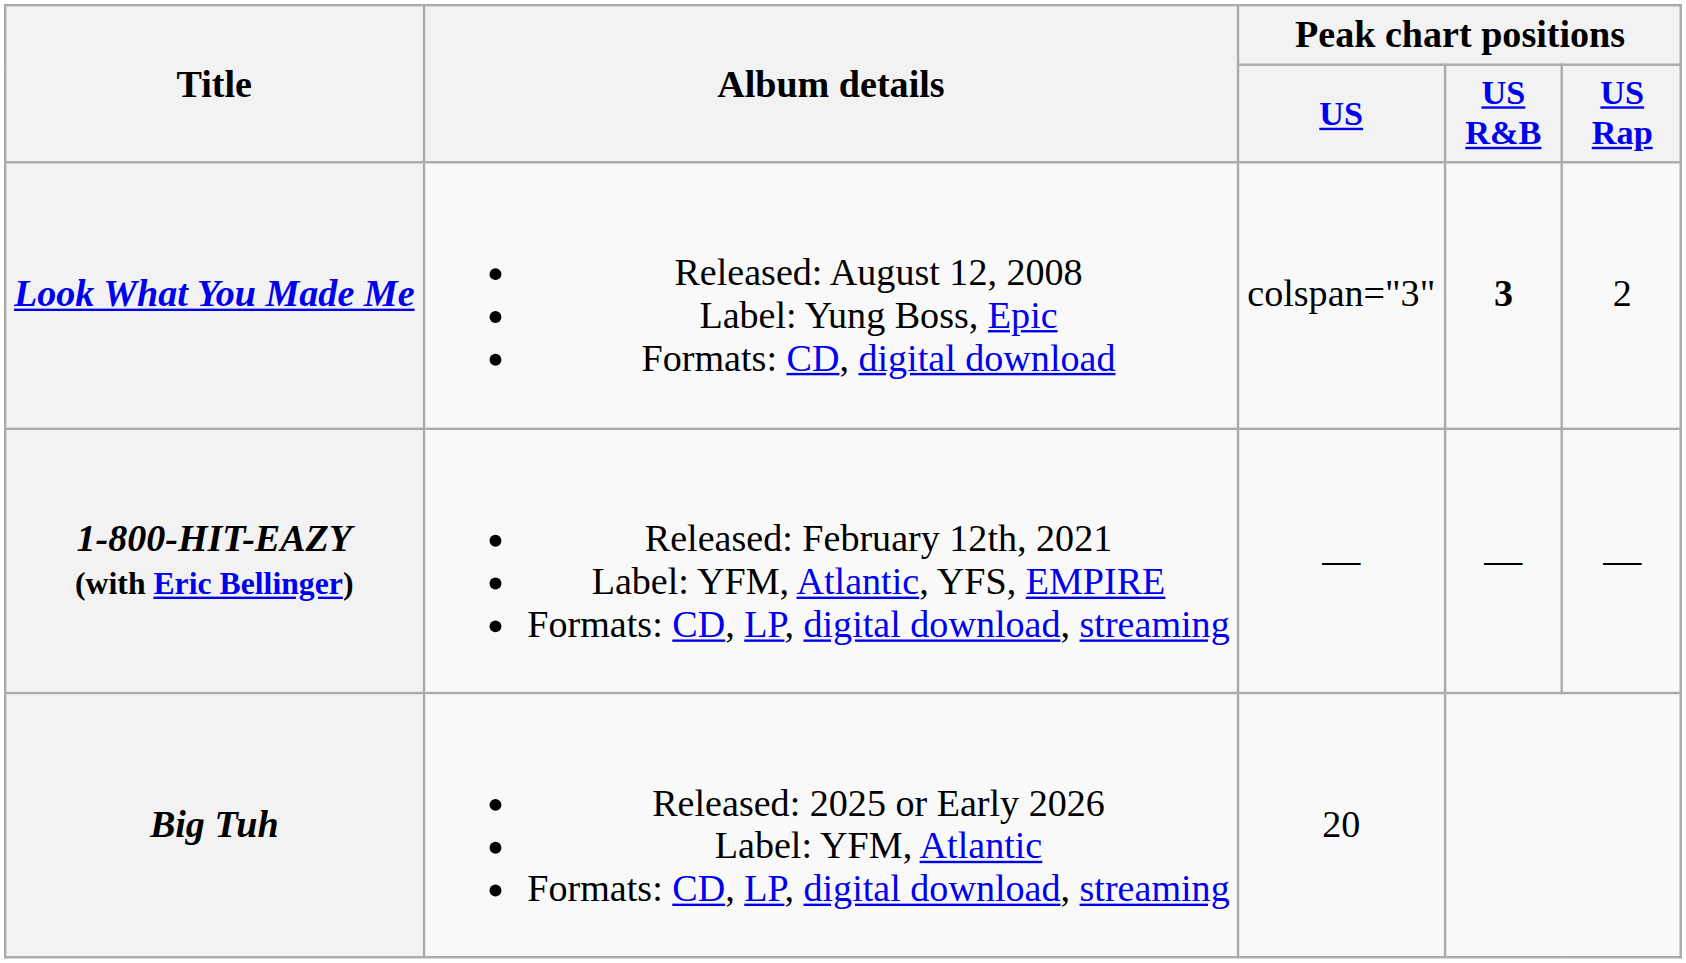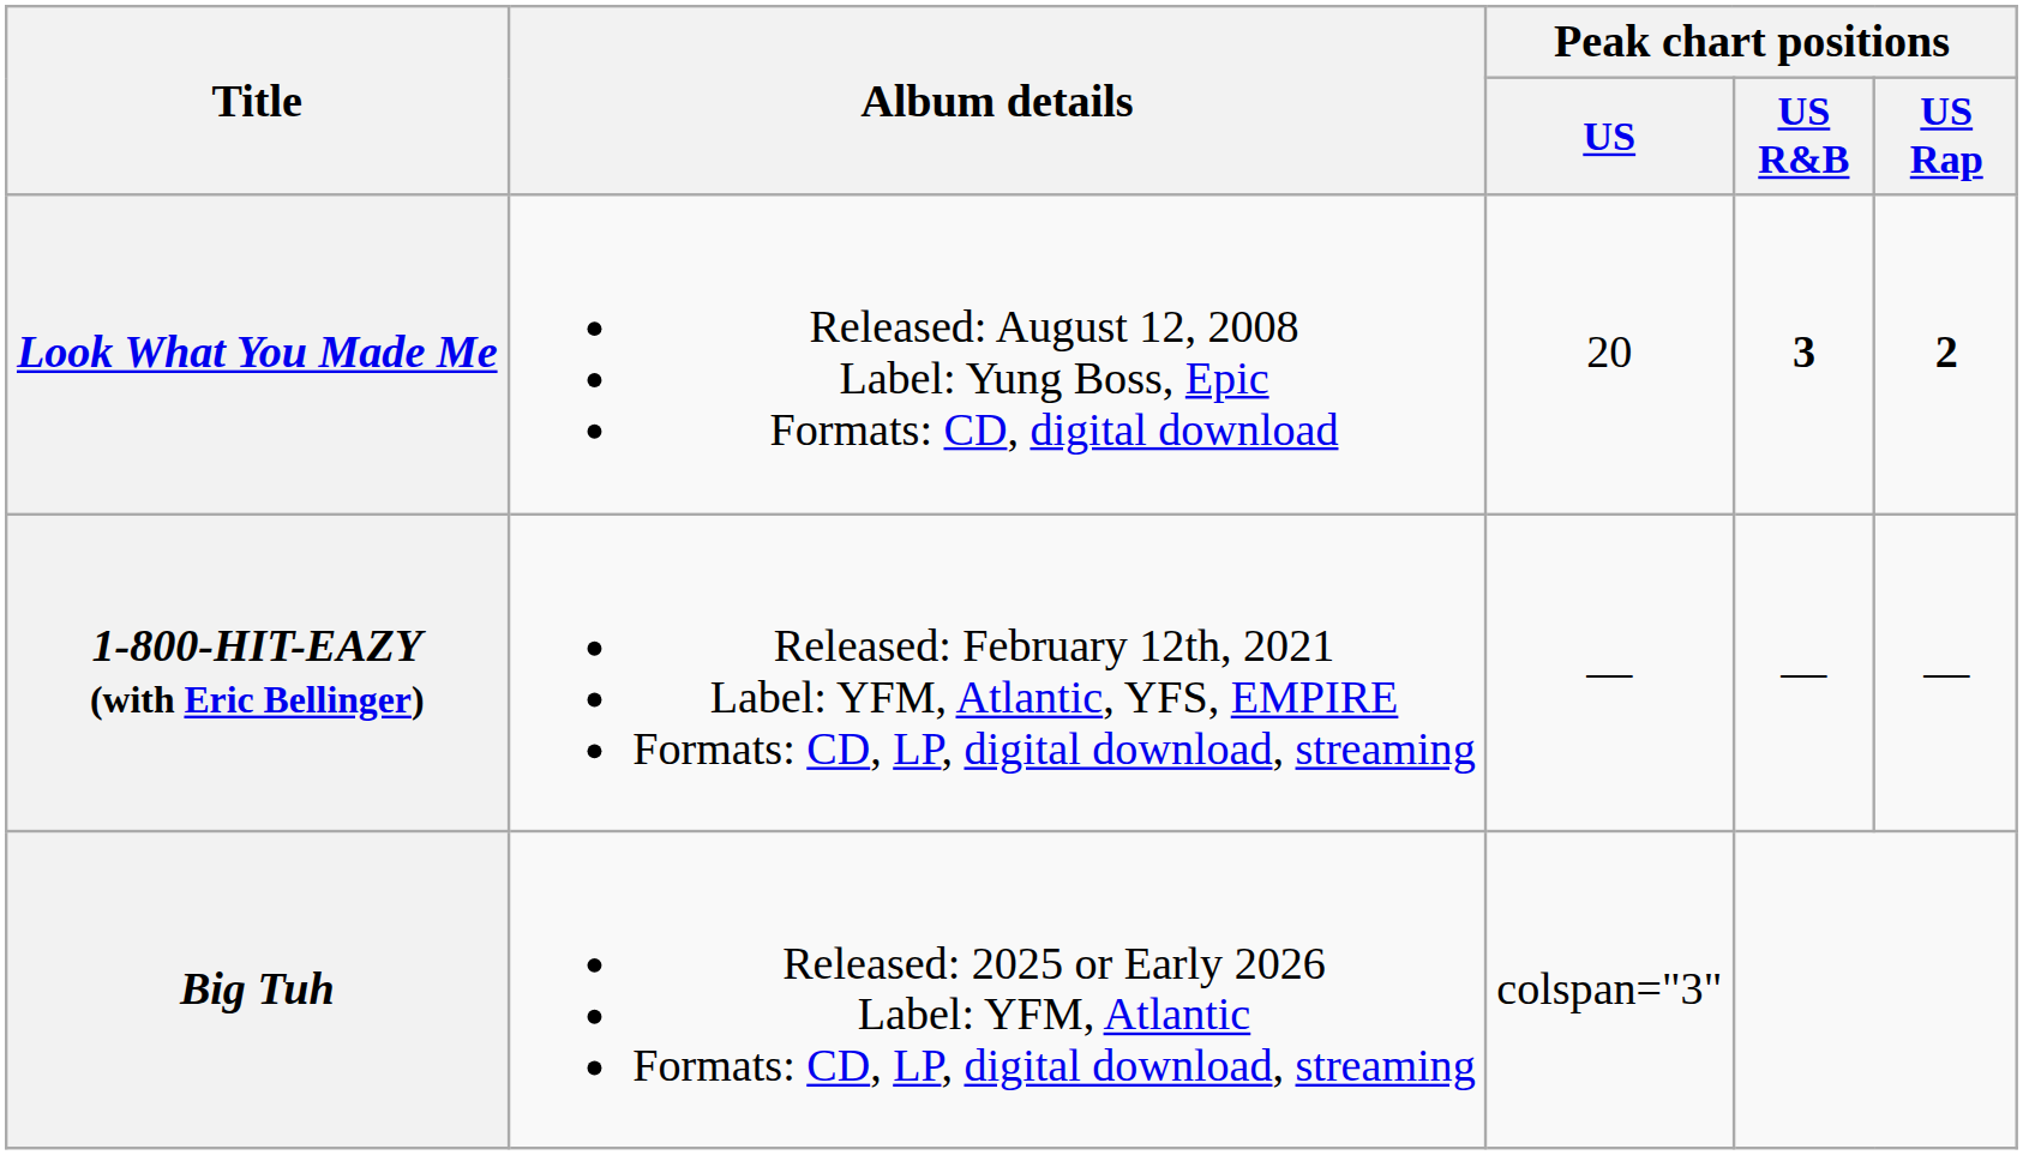 <table class="wikitable plainrowheaders" style="text-align:center;">
 <tr>
 <th scope="col" rowspan="2">Title</th>
 <th scope="col" rowspan="2">Album details</th>
 <th scope="col" colspan="4">Peak chart positions</th>
 </tr>
 <tr>
 <th scope="col" style="width:3em;font-size:90%;"><a href='#'>US</a><br></th>
 <th scope="col" style="width:3em;font-size:90%;"><a href='#'>US R&B</a><br></th>
 <th scope="col" style="width:3em;font-size:90%;"><a href='#'>US<br>Rap</a><br></th>
 </tr>
 <tr>
 <th scope="row"><em><a href='#'>Look What You Made Me</a></em></th>
 <td><br><ul><li>Released: August 12, 2008</li><li>Label: Yung Boss, <a href='#'>Epic</a></li><li>Formats: <a href='#'>CD</a>, <a href='#'>digital download</a></li></ul></td>
-<td>colspan="3" </td>
+<td>20</td>
 <td><strong>3</strong></td>
-<td>2</td>
+<td><strong>2</strong></td>
 </tr>
 <tr>
 <th scope="row"><em>1-800-HIT-EAZY</em><br><small>(with <a href='#'>Eric Bellinger</a>)</small></th>
 <td><br><ul><li>Released: February 12th, 2021</li><li>Label: YFM, <a href='#'>Atlantic</a>, YFS, <a href='#'>EMPIRE</a></li><li>Formats: <a href='#'>CD</a>, <a href='#'>LP</a>, <a href='#'>digital download</a>, <a href='#'>streaming</a></li></ul></td>
 <td>—</td>
 <td>—</td>
 <td>—</td>
 </tr>
 <tr>
 <th scope="row"><em>Big Tuh</em></th>
 <td><br><ul><li>Released: 2025 or Early 2026</li><li>Label: YFM, <a href='#'>Atlantic</a></li><li>Formats: <a href='#'>CD</a>, <a href='#'>LP</a>, <a href='#'>digital download</a>, <a href='#'>streaming</a></li></ul></td>
-<td>20</td>
+<td>colspan="3" </td>
 </tr>
 </table>
